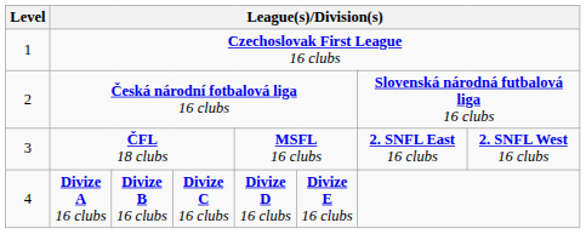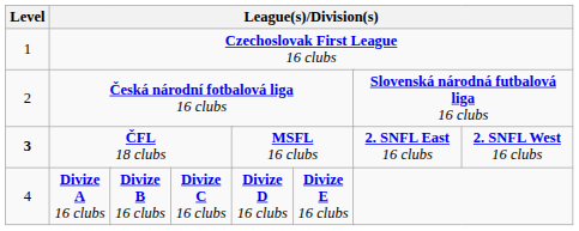 <table class="wikitable" style="text-align: center;">
 <tr>
 <th colspan="1" width=40>Level</th>
 <th colspan="20">League(s)/Division(s)</th>
 </tr>
 <tr>
 <td colspan="1"  width=40>1</td>
 <td colspan="20"><strong><a href='#'>Czechoslovak First League</a></strong><br><em>16 clubs</em></td>
 </tr>
 <tr>
 <td colspan="1"  width=40>2</td>
 <td colspan="10"><strong><a href='#'>Česká národní fotbalová liga</a></strong><br><em>16 clubs</em></td>
 <td colspan="10"><strong><a href='#'>Slovenská národná futbalová liga</a></strong><br><em>16 clubs</em></td>
 </tr>
 <tr>
-<td width=40>3</td>
+<td width=40><strong>3</strong></td>
 <td colspan="6"><strong><a href='#'>ČFL</a></strong><br><em>18 clubs</em></td>
 <td colspan="4"><strong><a href='#'>MSFL</a></strong><br><em>16 clubs</em></td>
 <td><strong><a href='#'>2. SNFL East</a></strong><br><em>16 clubs</em></td>
 <td><strong><a href='#'>2. SNFL West</a></strong><br><em>16 clubs</em></td>
 </tr>
 <tr>
 <td colspan="1"  width=40>4</td>
 <td colspan="2"><strong><a href='#'>Divize A</a></strong><br><em>16 clubs</em></td>
 <td colspan="2"><strong><a href='#'>Divize B</a></strong><br><em>16 clubs</em></td>
 <td colspan="2"><strong><a href='#'>Divize C</a></strong><br><em>16 clubs</em></td>
 <td colspan="2"><strong><a href='#'>Divize D</a></strong><br><em>16 clubs</em></td>
 <td colspan="2"><strong><a href='#'>Divize E</a></strong><br><em>16 clubs</em></td>
 </tr>
 </table>
